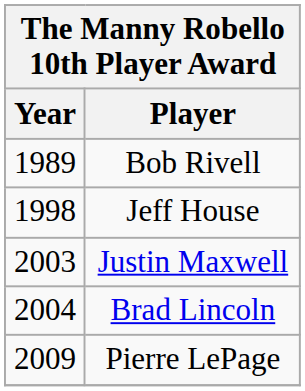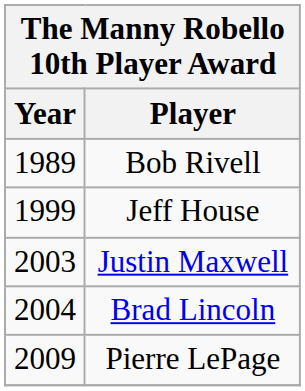 <table class="wikitable" style="display: inline-table; margin-right: 20px; text-align:center">
 <tr>
 <th scope="col" colspan="2" style="width: 145px;">The Manny Robello 10th Player Award</th>
 </tr>
 <tr>
 <th scope="col">Year</th>
 <th scope="col">Player</th>
 </tr>
 <tr>
 <td>1989</td>
 <td>Bob Rivell</td>
 </tr>
 <tr>
-<td>1998</td>
+<td>1999</td>
 <td>Jeff House</td>
 </tr>
 <tr>
 <td>2003</td>
 <td><a href='#'>Justin Maxwell</a></td>
 </tr>
 <tr>
 <td>2004</td>
 <td><a href='#'>Brad Lincoln</a></td>
 </tr>
 <tr>
 <td>2009</td>
 <td>Pierre LePage</td>
 </tr>
 <tr>
 </tr>
 </table>
